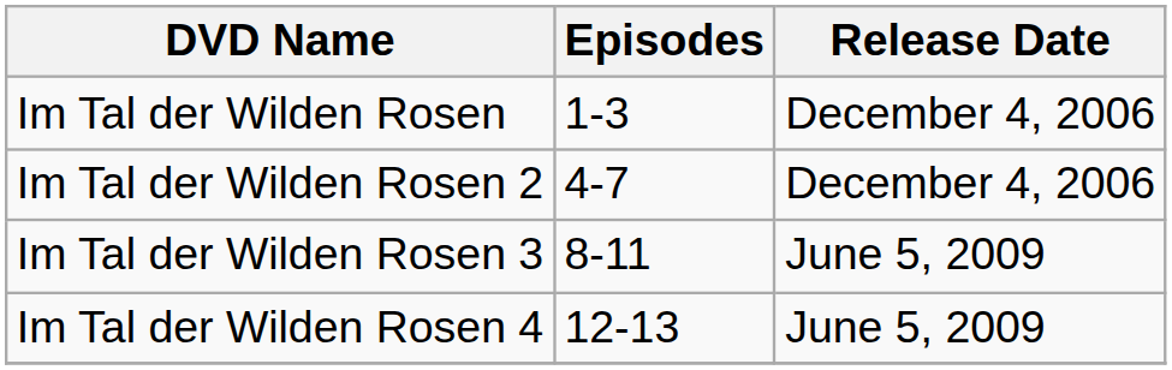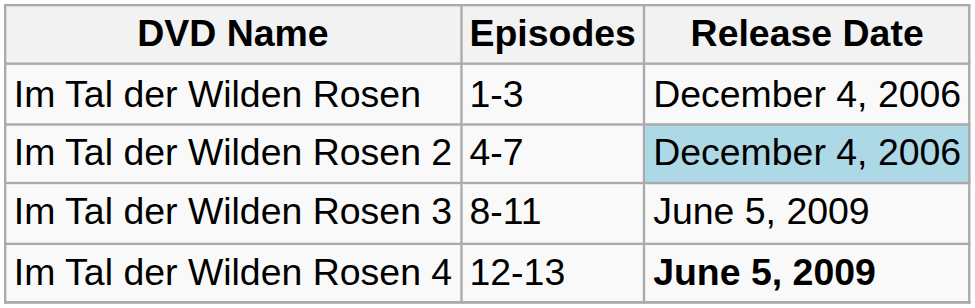 <table class="wikitable plainrowheaders">
 <tr>
 <th scope="col">DVD Name</th>
 <th scope="col">Episodes</th>
 <th scope="col">Release Date</th>
 </tr>
 <tr>
 <td>Im Tal der Wilden Rosen</td>
 <td>1-3</td>
 <td>December 4, 2006</td>
 </tr>
 <tr>
 <td>Im Tal der Wilden Rosen 2</td>
 <td>4-7</td>
-<td>December 4, 2006</td>
+<td style="background: lightblue;">December 4, 2006</td>
 </tr>
 <tr>
 <td>Im Tal der Wilden Rosen 3</td>
 <td>8-11</td>
 <td>June 5, 2009</td>
 </tr>
 <tr>
 <td>Im Tal der Wilden Rosen 4</td>
 <td>12-13</td>
-<td>June 5, 2009</td>
+<td><strong>June 5, 2009</strong></td>
 </tr>
 <tr>
 </tr>
 </table>
